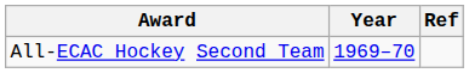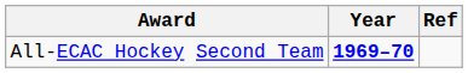 <table class="wikitable">
 <tr>
 <th>Award</th>
 <th>Year</th>
 <th>Ref</th>
 </tr>
 <tr>
 <td>All-<a href='#'>ECAC Hockey</a> <a href='#'>Second Team</a></td>
-<td><a href='#'>1969–70</a></td>
+<td><strong><a href='#'>1969–70</a></strong></td>
 <td></td>
 </tr>
 </table>
